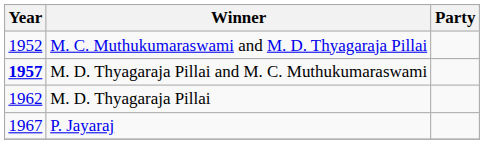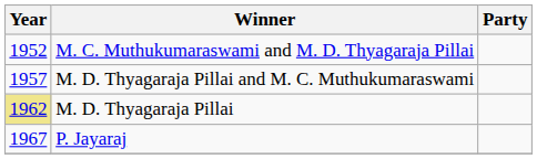 <table class="wikitable sortable">
 <tr>
 <th>Year</th>
 <th>Winner</th>
 <th colspan="2">Party</th>
 </tr>
 <tr>
 <td><a href='#'>1952</a></td>
 <td><a href='#'>M. C. Muthukumaraswami</a> and <a href='#'>M. D. Thyagaraja Pillai</a></td>
 <td></td>
 </tr>
 <tr>
-<td><strong><a href='#'>1957</a></strong></td>
+<td><a href='#'>1957</a></td>
 <td>M. D. Thyagaraja Pillai and M. C. Muthukumaraswami</td>
 <td></td>
 </tr>
 <tr>
-<td><a href='#'>1962</a></td>
+<td style="background: khaki;"><a href='#'>1962</a></td>
 <td>M. D. Thyagaraja Pillai</td>
 <td></td>
 </tr>
 <tr>
 <td><a href='#'>1967</a></td>
 <td><a href='#'>P. Jayaraj</a></td>
 <td></td>
 </tr>
 <tr>
 </tr>
 </table>
